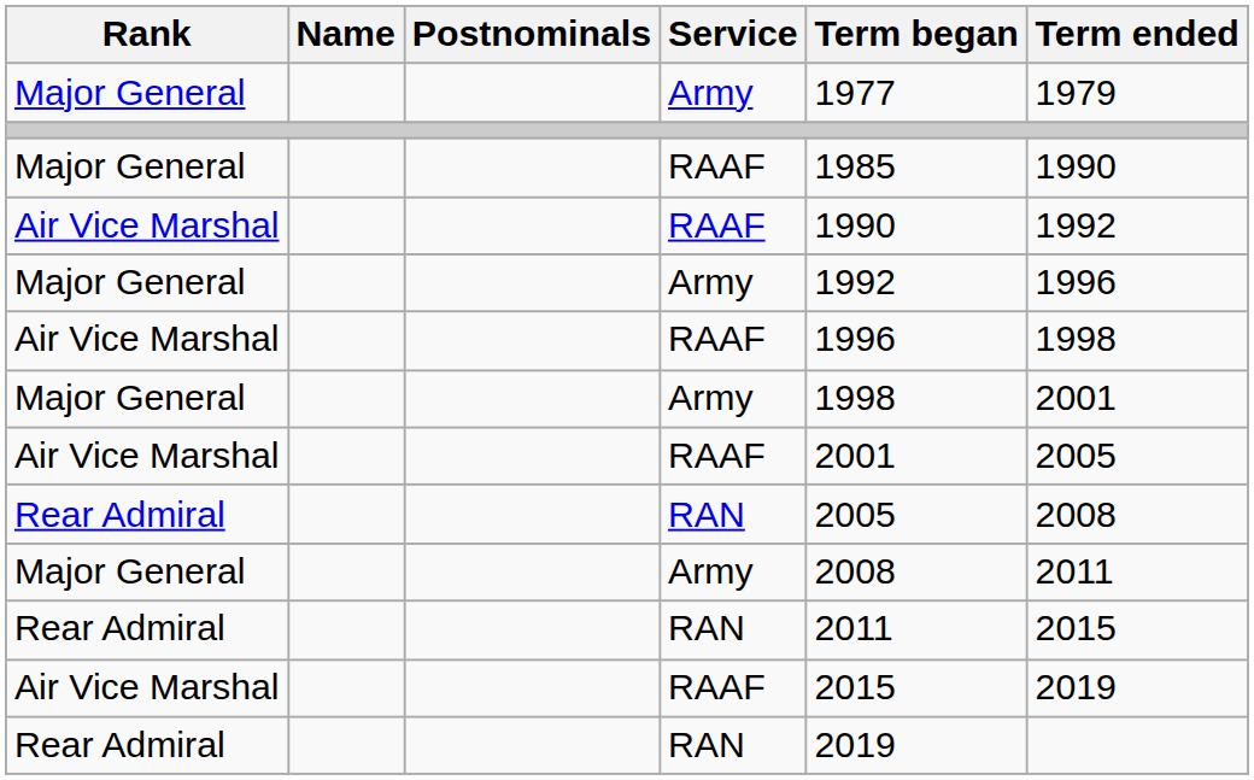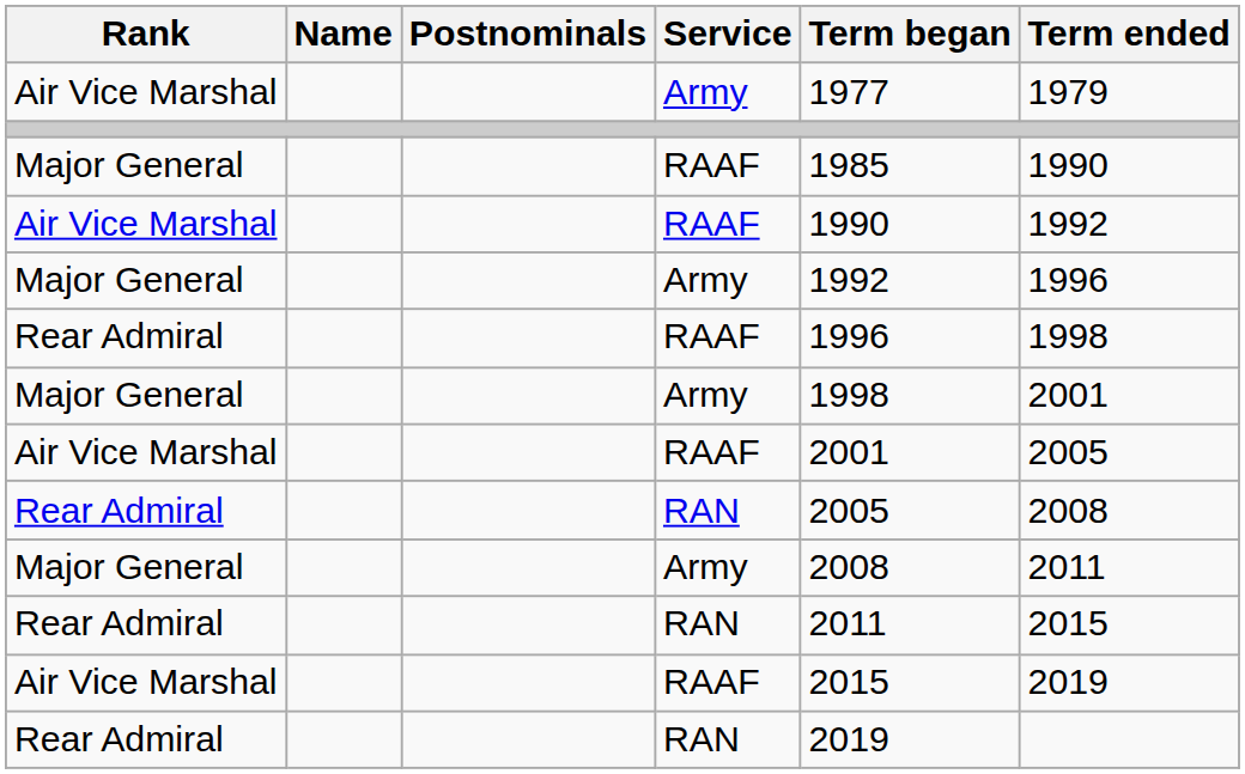 <table class="wikitable sortable">
 <tr>
 <th>Rank</th>
 <th>Name</th>
 <th>Postnominals</th>
 <th>Service</th>
 <th>Term began</th>
 <th>Term ended</th>
 </tr>
 <tr>
-<td><a href='#'>Major General</a></td>
+<td>Air Vice Marshal</td>
 <td></td>
 <td></td>
 <td><a href='#'>Army</a></td>
 <td>1977</td>
 <td>1979</td>
 </tr>
 <tr>
 <th colspan=6 style="background: #cccccc;"></th>
 </tr>
 <tr>
 <td>Major General</td>
 <td></td>
 <td></td>
 <td>RAAF</td>
 <td>1985</td>
 <td>1990</td>
 </tr>
 <tr>
 <td><a href='#'>Air Vice Marshal</a></td>
 <td></td>
 <td></td>
 <td><a href='#'>RAAF</a></td>
 <td>1990</td>
 <td>1992</td>
 </tr>
 <tr>
 <td>Major General</td>
 <td></td>
 <td></td>
 <td>Army</td>
 <td>1992</td>
 <td>1996</td>
 </tr>
 <tr>
-<td>Air Vice Marshal</td>
+<td>Rear Admiral</td>
 <td></td>
 <td></td>
 <td>RAAF</td>
 <td>1996</td>
 <td>1998</td>
 </tr>
 <tr>
 <td>Major General</td>
 <td></td>
 <td></td>
 <td>Army</td>
 <td>1998</td>
 <td>2001</td>
 </tr>
 <tr>
 <td>Air Vice Marshal</td>
 <td></td>
 <td></td>
 <td>RAAF</td>
 <td>2001</td>
 <td>2005</td>
 </tr>
 <tr>
 <td><a href='#'>Rear Admiral</a></td>
 <td></td>
 <td></td>
 <td><a href='#'>RAN</a></td>
 <td>2005</td>
 <td>2008</td>
 </tr>
 <tr>
 <td>Major General</td>
 <td></td>
 <td></td>
 <td>Army</td>
 <td>2008</td>
 <td>2011</td>
 </tr>
 <tr>
 <td>Rear Admiral</td>
 <td></td>
 <td></td>
 <td>RAN</td>
 <td>2011</td>
 <td>2015</td>
 </tr>
 <tr>
 <td>Air Vice Marshal</td>
 <td></td>
 <td></td>
 <td>RAAF</td>
 <td>2015</td>
 <td>2019</td>
 </tr>
 <tr>
 <td>Rear Admiral</td>
 <td></td>
 <td></td>
 <td>RAN</td>
 <td>2019</td>
 <td></td>
 </tr>
 </table>
